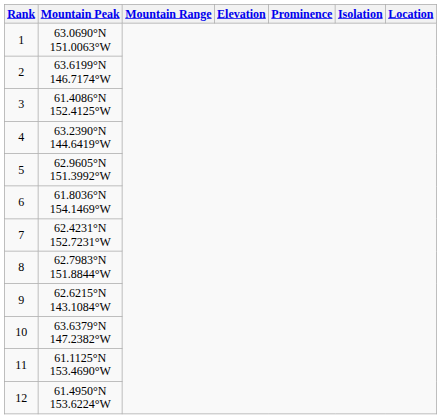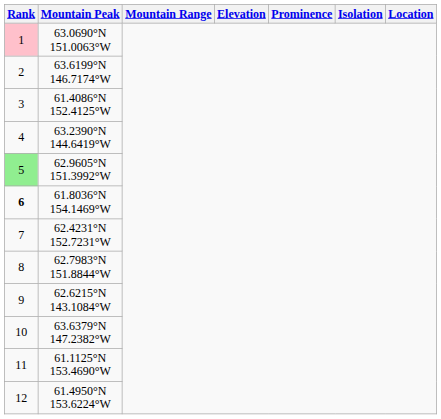 <table class="wikitable sortable">
 <tr>
 <th><a href='#'>Rank</a></th>
 <th><a href='#'>Mountain Peak</a></th>
 <th><a href='#'>Mountain Range</a></th>
 <th><a href='#'>Elevation</a></th>
 <th><a href='#'>Prominence</a></th>
 <th><a href='#'>Isolation</a></th>
 <th><a href='#'>Location</a></th>
 </tr>
 <tr>
-<td align=center>1<br>  </td>
+<td align=center style="background: pink;">1<br>  </td>
 <td align=center>63.0690°N<br>151.0063°W</td>
 </tr>
 <tr>
 <td align=center>2<br>  </td>
 <td align=center>63.6199°N<br>146.7174°W</td>
 </tr>
 <tr>
 <td align=center>3<br>  </td>
 <td align=center>61.4086°N<br>152.4125°W</td>
 </tr>
 <tr>
 <td align=center>4<br>  </td>
 <td align=center>63.2390°N<br>144.6419°W</td>
 </tr>
 <tr>
-<td align=center>5<br>  </td>
+<td align=center style="background: lightgreen;">5<br>  </td>
 <td align=center>62.9605°N<br>151.3992°W</td>
 </tr>
 <tr>
-<td align=center>6<br>  </td>
+<td align=center><strong>6<br>  </strong></td>
 <td align=center>61.8036°N<br>154.1469°W</td>
 </tr>
 <tr>
 <td align=center>7<br>  </td>
 <td align=center>62.4231°N<br>152.7231°W</td>
 </tr>
 <tr>
 <td align=center>8<br>  </td>
 <td align=center>62.7983°N<br>151.8844°W</td>
 </tr>
 <tr>
 <td align=center>9<br>  </td>
 <td align=center>62.6215°N<br>143.1084°W</td>
 </tr>
 <tr>
 <td align=center>10<br>  </td>
 <td align=center>63.6379°N<br>147.2382°W</td>
 </tr>
 <tr>
 <td align=center>11<br>  </td>
 <td align=center>61.1125°N<br>153.4690°W</td>
 </tr>
 <tr>
 <td align=center>12<br>  </td>
 <td align=center>61.4950°N<br>153.6224°W</td>
 </tr>
 </table>
